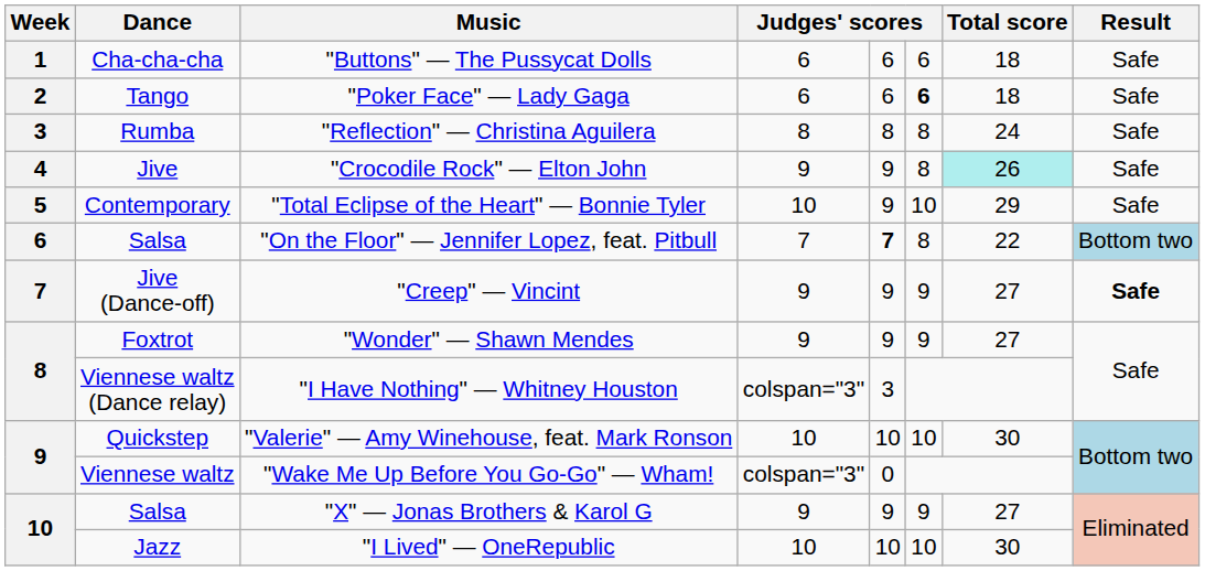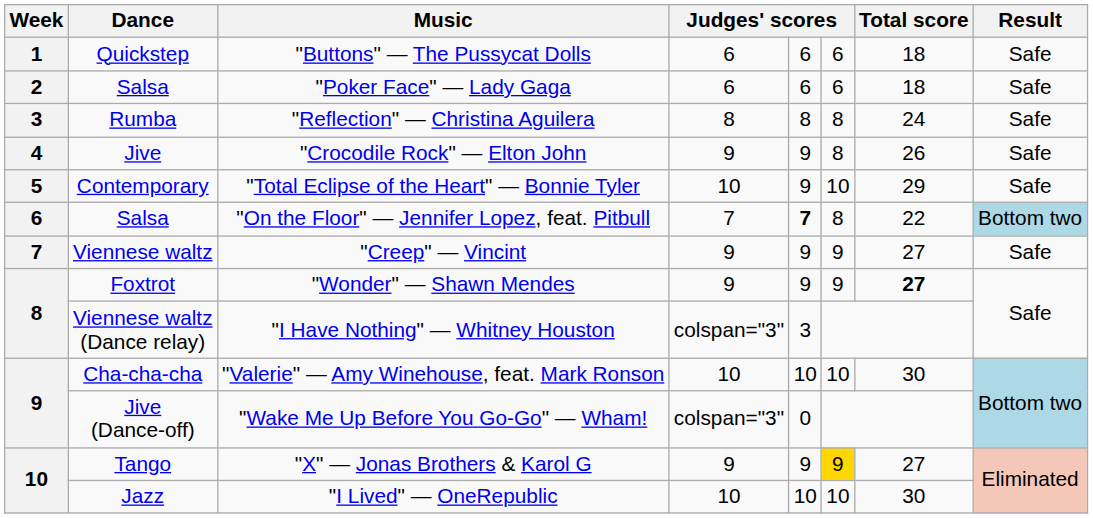 <table class="wikitable unsortable" style="text-align:center;">
 <tr>
 <th scope="col">Week</th>
 <th scope="col">Dance</th>
 <th scope="col">Music</th>
 <th scope="col" colspan="3">Judges' scores</th>
 <th scope="col">Total score</th>
 <th scope="col">Result</th>
 </tr>
 <tr>
 <th scope="row">1</th>
-<td><a href='#'>Cha-cha-cha</a></td>
+<td><a href='#'>Quickstep</a></td>
 <td>"<a href='#'>Buttons</a>" — <a href='#'>The Pussycat Dolls</a></td>
 <td>6</td>
 <td>6</td>
 <td>6</td>
 <td>18</td>
 <td>Safe</td>
 </tr>
 <tr>
 <th scope="row">2</th>
-<td><a href='#'>Tango</a></td>
+<td><a href='#'>Salsa</a></td>
 <td>"<a href='#'>Poker Face</a>" — <a href='#'>Lady Gaga</a></td>
 <td>6</td>
 <td>6</td>
-<td><strong>6</strong></td>
+<td>6</td>
 <td>18</td>
 <td>Safe</td>
 </tr>
 <tr>
 <th scope="row">3</th>
 <td><a href='#'>Rumba</a></td>
 <td>"<a href='#'>Reflection</a>" — <a href='#'>Christina Aguilera</a></td>
 <td>8</td>
 <td>8</td>
 <td>8</td>
 <td>24</td>
 <td>Safe</td>
 </tr>
 <tr>
 <th scope="row">4</th>
 <td><a href='#'>Jive</a></td>
 <td>"<a href='#'>Crocodile Rock</a>" — <a href='#'>Elton John</a></td>
 <td>9</td>
 <td>9</td>
 <td>8</td>
-<td style="background: paleturquoise;">26</td>
+<td>26</td>
 <td>Safe</td>
 </tr>
 <tr>
 <th scope="row">5</th>
 <td><a href='#'>Contemporary</a></td>
 <td>"<a href='#'>Total Eclipse of the Heart</a>" — <a href='#'>Bonnie Tyler</a></td>
 <td>10</td>
 <td>9</td>
 <td>10</td>
 <td>29</td>
 <td>Safe</td>
 </tr>
 <tr>
 <th scope="row">6</th>
 <td><a href='#'>Salsa</a></td>
 <td>"<a href='#'>On the Floor</a>" — <a href='#'>Jennifer Lopez</a>, feat. <a href='#'>Pitbull</a></td>
 <td>7</td>
 <td><strong>7</strong></td>
 <td>8</td>
 <td>22</td>
 <td bgcolor="lightblue">Bottom two</td>
 </tr>
 <tr>
 <th scope="row">7</th>
-<td><a href='#'>Jive</a><br>(Dance-off)</td>
+<td><a href='#'>Viennese waltz</a></td>
 <td>"<a href='#'>Creep</a>" — <a href='#'>Vincint</a></td>
 <td>9</td>
 <td>9</td>
 <td>9</td>
 <td>27</td>
-<td><strong>Safe</strong></td>
+<td>Safe</td>
 </tr>
 <tr>
 <th rowspan="2" scope="row">8</th>
 <td><a href='#'>Foxtrot</a></td>
 <td>"<a href='#'>Wonder</a>" — <a href='#'>Shawn Mendes</a></td>
 <td>9</td>
 <td>9</td>
 <td>9</td>
-<td>27</td>
+<td><strong>27</strong></td>
 <td rowspan="2">Safe</td>
 </tr>
 <tr>
 <td><a href='#'>Viennese waltz</a><br>(Dance relay)</td>
 <td>"<a href='#'>I Have Nothing</a>" — <a href='#'>Whitney Houston</a></td>
 <td>colspan="3" </td>
 <td>3</td>
 </tr>
 <tr>
 <th rowspan="2" scope="row">9</th>
-<td><a href='#'>Quickstep</a></td>
+<td><a href='#'>Cha-cha-cha</a></td>
 <td>"<a href='#'>Valerie</a>" — <a href='#'>Amy Winehouse</a>, feat. <a href='#'>Mark Ronson</a></td>
 <td>10</td>
 <td>10</td>
 <td>10</td>
 <td>30</td>
 <td rowspan="2" bgcolor="lightblue">Bottom two</td>
 </tr>
 <tr>
-<td><a href='#'>Viennese waltz</a></td>
+<td><a href='#'>Jive</a><br>(Dance-off)</td>
 <td>"<a href='#'>Wake Me Up Before You Go-Go</a>" — <a href='#'>Wham!</a></td>
 <td>colspan="3" </td>
 <td>0</td>
 </tr>
 <tr>
 <th rowspan="2" scope="row">10</th>
-<td><a href='#'>Salsa</a></td>
+<td><a href='#'>Tango</a></td>
 <td>"<a href='#'>X</a>" — <a href='#'>Jonas Brothers</a> & <a href='#'>Karol G</a></td>
 <td>9</td>
 <td>9</td>
-<td>9</td>
+<td style="background: gold;">9</td>
 <td>27</td>
 <td rowspan="2" bgcolor="f4c7b8">Eliminated</td>
 </tr>
 <tr>
 <td><a href='#'>Jazz</a></td>
 <td>"<a href='#'>I Lived</a>" — <a href='#'>OneRepublic</a></td>
 <td>10</td>
 <td>10</td>
 <td>10</td>
 <td>30</td>
 </tr>
 </table>
